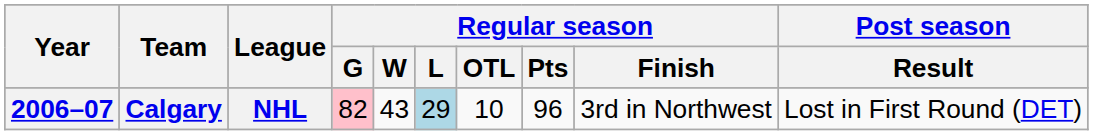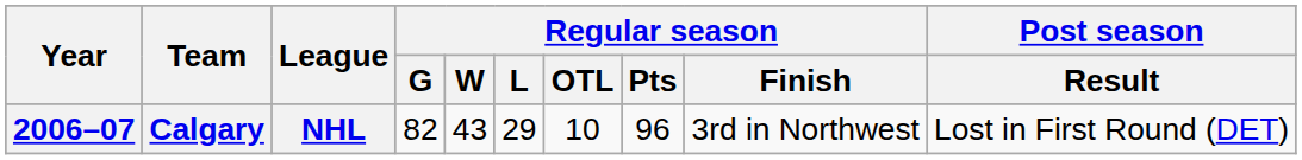 <table class="wikitable" style="font-size: 95%; text-align:center;">
 <tr>
 <th rowspan="2">Year</th>
 <th rowspan="2">Team</th>
 <th rowspan="2">League</th>
 <th colspan="6"><a href='#'>Regular season</a></th>
 <th colspan="1"><a href='#'>Post season</a></th>
 </tr>
 <tr>
 <th>G</th>
 <th>W</th>
 <th>L</th>
 <th>OTL</th>
 <th>Pts</th>
 <th>Finish</th>
 <th>Result</th>
 </tr>
 <tr>
 <th><a href='#'>2006–07</a></th>
 <th><a href='#'>Calgary</a></th>
 <th><a href='#'>NHL</a></th>
-<td style="background: pink;">82</td>
+<td>82</td>
 <td>43</td>
-<td style="background: lightblue;">29</td>
+<td>29</td>
 <td>10</td>
 <td>96</td>
 <td>3rd in Northwest</td>
 <td>Lost in First Round (<a href='#'>DET</a>)</td>
 </tr>
 </table>
